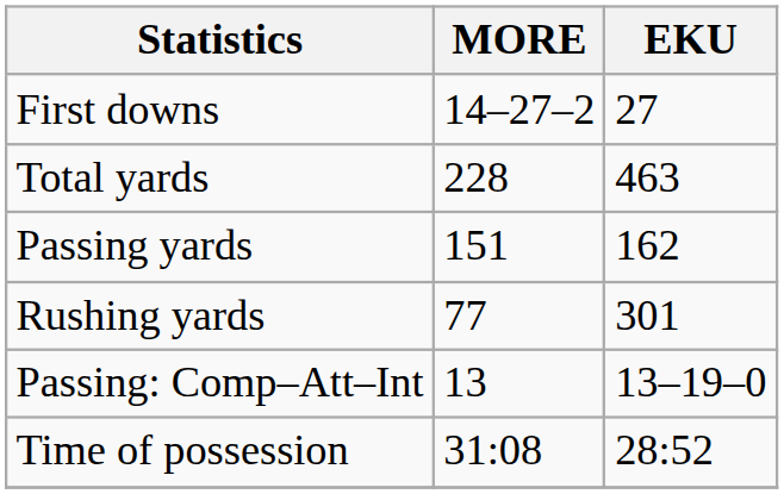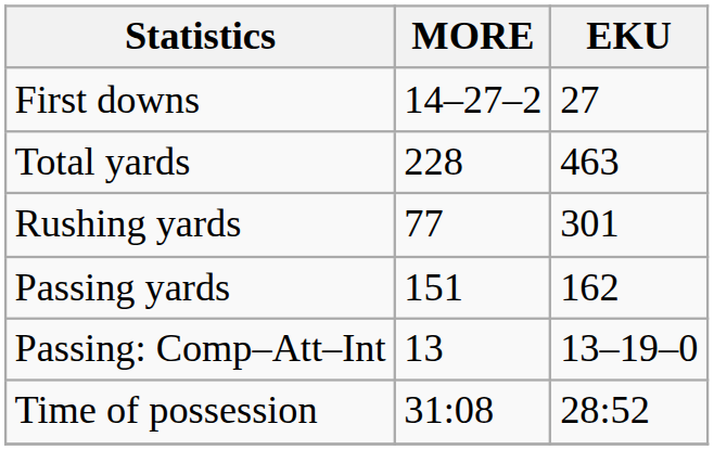 <table class="wikitable" style="float: left;">
 <tr>
 <th>Statistics</th>
 <th>MORE</th>
 <th>EKU</th>
 </tr>
 <tr>
 <td>First downs</td>
 <td>14–27–2</td>
 <td>27</td>
 </tr>
 <tr>
 <td>Total yards</td>
 <td>228</td>
 <td>463</td>
 </tr>
 <tr>
+<td>Rushing yards</td>
+<td>77</td>
+<td>301</td>
+</tr>
+<tr>
 <td>Passing yards</td>
 <td>151</td>
 <td>162</td>
-</tr>
-<tr>
-<td>Rushing yards</td>
-<td>77</td>
-<td>301</td>
 </tr>
 <tr>
 <td>Passing: Comp–Att–Int</td>
 <td>13</td>
 <td>13–19–0</td>
 </tr>
 <tr>
 <td>Time of possession</td>
 <td>31:08</td>
 <td>28:52</td>
 </tr>
 <tr>
 </tr>
 </table>
